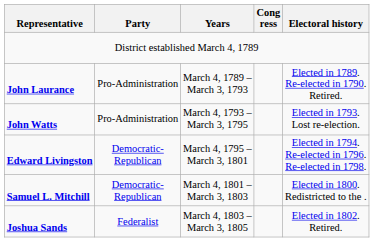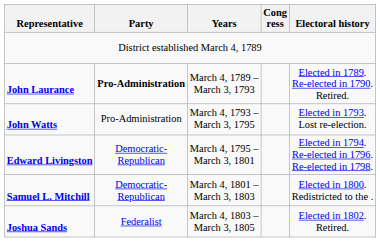 <table class=wikitable style="text-align:center">
 <tr valign=bottom>
 <th>Representative</th>
 <th>Party</th>
 <th>Years</th>
 <th>Cong<br>ress</th>
 <th>Electoral history</th>
 </tr>
 <tr style="height:3em">
 <td colspan=6>District established March 4, 1789</td>
 </tr>
 <tr style="height:3em">
 <td align=left><br><strong><a href='#'>John Laurance</a></strong><br></td>
-<td>Pro-Administration</td>
+<td><strong>Pro-Administration</strong></td>
 <td nowrap>March 4, 1789 –<br>March 3, 1793</td>
 <td></td>
 <td><a href='#'>Elected in 1789</a>.<br><a href='#'>Re-elected in 1790</a>.<br>Retired.</td>
 </tr>
 <tr style="height:3em">
 <td align=left><br><strong><a href='#'>John Watts</a></strong><br></td>
 <td>Pro-Administration</td>
 <td nowrap>March 4, 1793 –<br>March 3, 1795</td>
 <td></td>
 <td><a href='#'>Elected in 1793</a>.<br>Lost re-election.</td>
 </tr>
 <tr style="height:3em">
 <td align=left><br><strong><a href='#'>Edward Livingston</a></strong><br></td>
 <td><a href='#'>Democratic-<br>Republican</a></td>
 <td nowrap>March 4, 1795 –<br>March 3, 1801</td>
 <td></td>
 <td><a href='#'>Elected in 1794</a>.<br><a href='#'>Re-elected in 1796</a>.<br><a href='#'>Re-elected in 1798</a>.<br></td>
 </tr>
 <tr style="height:3em">
 <td align=left><br><strong><a href='#'>Samuel L. Mitchill</a></strong><br></td>
 <td><a href='#'>Democratic-<br>Republican</a></td>
 <td nowrap>March 4, 1801 –<br>March 3, 1803</td>
 <td></td>
 <td><a href='#'>Elected in 1800</a>.<br>Redistricted to the .</td>
 </tr>
 <tr style="height:3em">
 <td align=left><br><strong><a href='#'>Joshua Sands</a></strong><br></td>
 <td><a href='#'>Federalist</a></td>
 <td nowrap>March 4, 1803 –<br>March 3, 1805</td>
 <td></td>
 <td><a href='#'>Elected in 1802</a>.<br>Retired.</td>
 </tr>
 </table>
